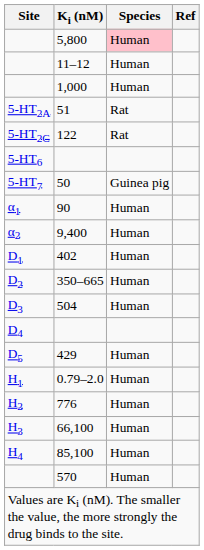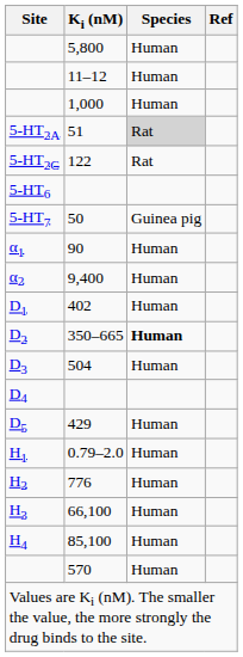 <table class="wikitable floatright" style="font-size:small;">
 <tr>
 <th>Site</th>
 <th>K<sub>i</sub> (nM)</th>
 <th>Species</th>
 <th>Ref</th>
 </tr>
 <tr>
 <td></td>
 <td>5,800</td>
-<td style="background: pink;">Human</td>
+<td>Human</td>
 <td></td>
 </tr>
 <tr>
 <td></td>
 <td>11–12</td>
 <td>Human</td>
 <td></td>
 </tr>
 <tr>
 <td></td>
 <td>1,000</td>
 <td>Human</td>
 <td></td>
 </tr>
 <tr>
 <td><a href='#'>5-HT<sub>2A</sub></a></td>
 <td>51</td>
-<td>Rat</td>
+<td style="background: lightgrey;">Rat</td>
 <td></td>
 </tr>
 <tr>
 <td><a href='#'>5-HT<sub>2C</sub></a></td>
 <td>122</td>
 <td>Rat</td>
 <td></td>
 </tr>
 <tr>
 <td><a href='#'>5-HT<sub>6</sub></a></td>
 <td></td>
 <td></td>
 <td></td>
 </tr>
 <tr>
 <td><a href='#'>5-HT<sub>7</sub></a></td>
 <td>50</td>
 <td>Guinea pig</td>
 <td></td>
 </tr>
 <tr>
 <td><a href='#'>α<sub>1</sub></a></td>
 <td>90</td>
 <td>Human</td>
 <td></td>
 </tr>
 <tr>
 <td><a href='#'>α<sub>2</sub></a></td>
 <td>9,400</td>
 <td>Human</td>
 <td></td>
 </tr>
 <tr>
 <td><a href='#'>D<sub>1</sub></a></td>
 <td>402</td>
 <td>Human</td>
 <td></td>
 </tr>
 <tr>
 <td><a href='#'>D<sub>2</sub></a></td>
 <td>350–665</td>
-<td>Human</td>
+<td><strong>Human</strong></td>
 <td></td>
 </tr>
 <tr>
 <td><a href='#'>D<sub>3</sub></a></td>
 <td>504</td>
 <td>Human</td>
 <td></td>
 </tr>
 <tr>
 <td><a href='#'>D<sub>4</sub></a></td>
 <td></td>
 <td></td>
 <td></td>
 </tr>
 <tr>
 <td><a href='#'>D<sub>5</sub></a></td>
 <td>429</td>
 <td>Human</td>
 <td></td>
 </tr>
 <tr>
 <td><a href='#'>H<sub>1</sub></a></td>
 <td>0.79–2.0</td>
 <td>Human</td>
 <td></td>
 </tr>
 <tr>
 <td><a href='#'>H<sub>2</sub></a></td>
 <td>776</td>
 <td>Human</td>
 <td></td>
 </tr>
 <tr>
 <td><a href='#'>H<sub>3</sub></a></td>
 <td>66,100</td>
 <td>Human</td>
 <td></td>
 </tr>
 <tr>
 <td><a href='#'>H<sub>4</sub></a></td>
 <td>85,100</td>
 <td>Human</td>
 <td></td>
 </tr>
 <tr>
 <td></td>
 <td>570</td>
 <td>Human</td>
 <td></td>
 </tr>
 <tr class="sortbottom">
 <td colspan="5" style="width: 1px;">Values are K<sub>i</sub> (nM). The smaller the value, the more strongly the drug binds to the site.</td>
 </tr>
 </table>
